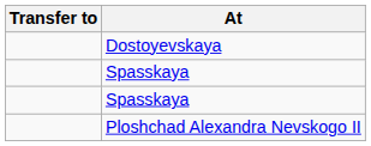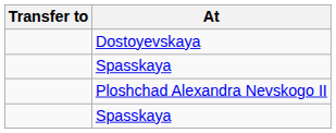 <table class="wikitable" style="text-align:left;">
 <tr>
 <th>Transfer to</th>
 <th>At</th>
 </tr>
 <tr>
 <td></td>
 <td><a href='#'>Dostoyevskaya</a></td>
 </tr>
 <tr>
 <td></td>
 <td><a href='#'>Spasskaya</a></td>
 </tr>
 <tr>
 <td></td>
-<td><a href='#'>Spasskaya</a></td>
+<td><a href='#'>Ploshchad Alexandra Nevskogo II</a></td>
 </tr>
 <tr>
 <td></td>
-<td><a href='#'>Ploshchad Alexandra Nevskogo II</a></td>
+<td><a href='#'>Spasskaya</a></td>
 </tr>
 </table>
